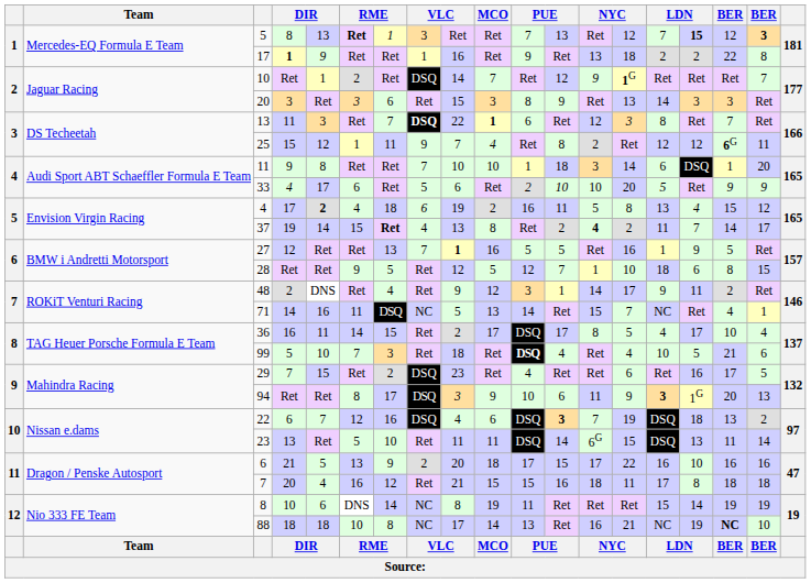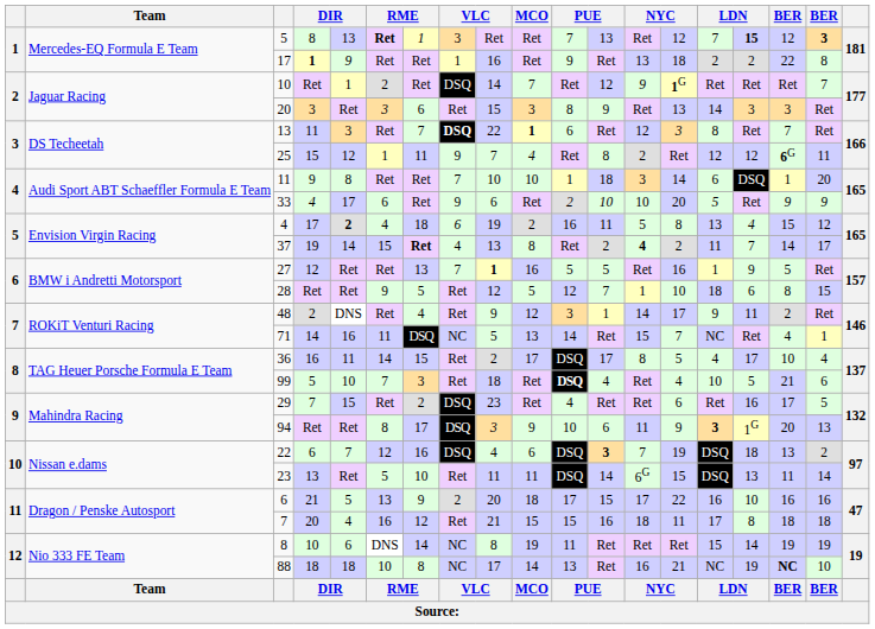 <table class="wikitable" style="font-size: 85%; text-align: center;">
 <tr valign="top">
 <th valign="middle"></th>
 <th valign="middle">Team</th>
 <th valign="middle"></th>
 <th scope="col" colspan=2><a href='#'>DIR</a><br></th>
 <th scope="col" colspan=2><a href='#'>RME</a><br></th>
 <th scope="col" colspan=2><a href='#'>VLC</a><br></th>
 <th scope="col"><a href='#'>MCO</a><br></th>
 <th scope="col" colspan=2><a href='#'>PUE</a><br></th>
 <th scope="col" colspan=2><a href='#'>NYC</a><br></th>
 <th scope="col" colspan=2><a href='#'>LDN</a><br></th>
 <th scope="col"><a href='#'>BER</a><br> </th>
 <th scope="col"><a href='#'>BER</a><br> </th>
 <th valign="middle"></th>
 </tr>
 <tr>
 <th rowspan="2">1</th>
 <td rowspan="2" align="left"> <a href='#'>Mercedes-EQ Formula E Team</a></td>
 <td>5</td>
 <td width="30px" bgcolor="#DFFFDF">8</td>
 <td width="30px" bgcolor="#CFCFFF">13</td>
 <td width="30px" bgcolor="#EFCFFF"><strong>Ret</strong></td>
 <td width="30px" bgcolor="#FFFFBF"><em>1</em></td>
 <td width="30px" bgcolor="#FFDF9F">3</td>
 <td width="30px" bgcolor="#EFCFFF">Ret</td>
 <td width="30px" bgcolor="#EFCFFF">Ret</td>
 <td width="30px" bgcolor="#DFFFDF">7</td>
 <td width="30px" bgcolor="#CFCFFF">13</td>
 <td width="30px" bgcolor="#EFCFFF">Ret</td>
 <td width="30px" bgcolor="#CFCFFF">12</td>
 <td width="30px" bgcolor="#DFFFDF">7</td>
 <td width="30px" bgcolor="#CFCFFF"><strong>15</strong></td>
 <td width="30px" bgcolor="#CFCFFF">12</td>
 <td width="30px" bgcolor="#FFDF9F"><strong>3</strong></td>
 <th rowspan="2">181</th>
 </tr>
 <tr>
 <td>17</td>
 <td bgcolor="#FFFFBF"><strong>1</strong></td>
 <td bgcolor="#DFFFDF"><em>9</em></td>
 <td bgcolor="#EFCFFF">Ret</td>
 <td bgcolor="#EFCFFF">Ret</td>
 <td bgcolor="#FFFFBF">1</td>
 <td bgcolor="#CFCFFF">16</td>
 <td bgcolor="#EFCFFF">Ret</td>
 <td bgcolor="#DFFFDF">9</td>
 <td bgcolor="#EFCFFF">Ret</td>
 <td bgcolor="#CFCFFF">13</td>
 <td bgcolor="#CFCFFF">18</td>
 <td bgcolor="#DFDFDF">2</td>
 <td bgcolor="#DFDFDF">2</td>
 <td bgcolor="#CFCFFF">22</td>
 <td bgcolor="#DFFFDF">8</td>
 </tr>
 <tr>
 <th rowspan="2">2</th>
 <td rowspan="2" align="left"> <a href='#'>Jaguar Racing</a></td>
 <td>10</td>
 <td bgcolor="#EFCFFF">Ret</td>
 <td bgcolor="#FFFFBF">1</td>
 <td bgcolor="#DFDFDF">2</td>
 <td bgcolor="#EFCFFF">Ret</td>
 <td style="background:#000000; letter-spacing:0px; color:white">DSQ</td>
 <td bgcolor="#CFCFFF">14</td>
 <td bgcolor="#DFFFDF">7</td>
 <td bgcolor="#EFCFFF">Ret</td>
 <td bgcolor="#CFCFFF">12</td>
 <td bgcolor="#DFFFDF"><em>9</em></td>
 <td bgcolor="#FFFFBF"><strong>1</strong><sup>G</sup></td>
 <td bgcolor="#EFCFFF">Ret</td>
 <td bgcolor="#EFCFFF">Ret</td>
 <td bgcolor="#EFCFFF">Ret</td>
 <td bgcolor="#DFFFDF">7</td>
 <th rowspan=2>177</th>
 </tr>
 <tr>
 <td>20</td>
 <td bgcolor="#FFDF9F">3</td>
 <td bgcolor="#EFCFFF">Ret</td>
 <td bgcolor="#FFDF9F"><em>3</em></td>
 <td bgcolor="#DFFFDF">6</td>
 <td bgcolor="#EFCFFF">Ret</td>
 <td bgcolor="#CFCFFF">15</td>
 <td bgcolor="#FFDF9F">3</td>
 <td bgcolor="#DFFFDF">8</td>
 <td bgcolor="#DFFFDF">9</td>
 <td bgcolor="#EFCFFF">Ret</td>
 <td bgcolor="#CFCFFF">13</td>
 <td bgcolor="#CFCFFF">14</td>
 <td bgcolor="#FFDF9F">3</td>
 <td bgcolor="#FFDF9F">3</td>
 <td bgcolor="#EFCFFF">Ret</td>
 </tr>
 <tr>
 <th rowspan="2">3</th>
 <td rowspan="2" align="left"> <a href='#'>DS Techeetah</a></td>
 <td>13</td>
 <td bgcolor="#CFCFFF">11</td>
 <td bgcolor="#FFDF9F">3</td>
 <td bgcolor="#EFCFFF">Ret</td>
 <td bgcolor="#DFFFDF">7</td>
 <td style="background:#000000; letter-spacing:0px; color:white"><strong>DSQ</strong></td>
 <td bgcolor="#CFCFFF">22</td>
 <td bgcolor="#FFFFBF"><strong>1</strong></td>
 <td bgcolor="#DFFFDF">6</td>
 <td bgcolor="#EFCFFF">Ret</td>
 <td bgcolor="#CFCFFF">12</td>
 <td bgcolor="#FFDF9F"><em>3</em></td>
 <td bgcolor="#DFFFDF">8</td>
 <td bgcolor="#EFCFFF">Ret</td>
 <td bgcolor="#DFFFDF">7</td>
 <td bgcolor="#EFCFFF">Ret</td>
 <th rowspan="2">166</th>
 </tr>
 <tr>
 <td>25</td>
 <td bgcolor="#CFCFFF">15</td>
 <td bgcolor="#CFCFFF">12</td>
 <td bgcolor="#FFFFBF">1</td>
 <td bgcolor="#CFCFFF">11</td>
 <td bgcolor="#DFFFDF">9</td>
 <td bgcolor="#DFFFDF">7</td>
 <td bgcolor="#DFFFDF"><em>4</em></td>
 <td bgcolor="#EFCFFF">Ret</td>
 <td bgcolor="#DFFFDF">8</td>
 <td bgcolor="#DFDFDF">2</td>
 <td bgcolor="#EFCFFF">Ret</td>
 <td bgcolor="#CFCFFF">12</td>
 <td bgcolor="#CFCFFF">12</td>
 <td bgcolor="#DFFFDF"><strong>6</strong><sup>G</sup></td>
 <td bgcolor="#CFCFFF">11</td>
 </tr>
 <tr>
 <th rowspan="2">4</th>
 <td rowspan="2" align="left"> <a href='#'>Audi Sport ABT Schaeffler Formula E Team</a></td>
 <td>11</td>
 <td bgcolor="#DFFFDF">9</td>
 <td bgcolor="#DFFFDF">8</td>
 <td bgcolor="#EFCFFF">Ret</td>
 <td bgcolor="#EFCFFF">Ret</td>
 <td bgcolor="#DFFFDF">7</td>
 <td bgcolor="#DFFFDF">10</td>
 <td bgcolor="#DFFFDF">10</td>
 <td bgcolor="#FFFFBF">1</td>
 <td bgcolor="#CFCFFF">18</td>
 <td bgcolor="#FFDF9F">3</td>
 <td bgcolor="#CFCFFF">14</td>
 <td bgcolor="#DFFFDF">6</td>
 <td style="background:#000000; letter-spacing:0px; color:white">DSQ</td>
 <td bgcolor="#FFFFBF">1</td>
 <td bgcolor="#CFCFFF">20</td>
 <th rowspan="2">165</th>
 </tr>
 <tr>
 <td>33</td>
 <td bgcolor="#DFFFDF"><em>4</em></td>
 <td bgcolor="#CFCFFF">17</td>
 <td bgcolor="#DFFFDF">6</td>
 <td bgcolor="#EFCFFF">Ret</td>
-<td bgcolor="#DFFFDF">5</td>
+<td bgcolor="#DFFFDF">9</td>
 <td bgcolor="#DFFFDF">6</td>
 <td bgcolor="#EFCFFF">Ret</td>
 <td bgcolor="#DFDFDF"><em>2</em></td>
 <td bgcolor="#DFFFDF"><em>10</em></td>
 <td bgcolor="#DFFFDF">10</td>
 <td bgcolor="#CFCFFF">20</td>
 <td bgcolor="#DFFFDF"><em>5</em></td>
 <td bgcolor="#EFCFFF">Ret</td>
 <td bgcolor="#DFFFDF"><em>9</em></td>
 <td bgcolor="#DFFFDF"><em>9</em></td>
 </tr>
 <tr>
 <th rowspan="2">5</th>
 <td rowspan="2" align="left"> <a href='#'>Envision Virgin Racing</a></td>
 <td>4</td>
 <td bgcolor="#CFCFFF">17</td>
 <td bgcolor="#DFDFDF"><strong>2</strong></td>
 <td bgcolor="#DFFFDF">4</td>
 <td bgcolor="#CFCFFF">18</td>
 <td bgcolor="#DFFFDF"><em>6</em></td>
 <td bgcolor="#CFCFFF">19</td>
 <td bgcolor="#DFDFDF">2</td>
 <td bgcolor="#CFCFFF">16</td>
 <td bgcolor="#CFCFFF">11</td>
 <td bgcolor="#DFFFDF">5</td>
 <td bgcolor="#DFFFDF">8</td>
 <td bgcolor="#CFCFFF">13</td>
 <td bgcolor="#DFFFDF"><em>4</em></td>
 <td bgcolor="#CFCFFF">15</td>
 <td bgcolor="#CFCFFF">12</td>
 <th rowspan="2">165</th>
 </tr>
 <tr>
 <td>37</td>
 <td bgcolor="#CFCFFF">19</td>
 <td bgcolor="#CFCFFF">14</td>
 <td bgcolor="#CFCFFF">15</td>
 <td bgcolor="#EFCFFF"><strong>Ret</strong></td>
 <td bgcolor="#DFFFDF">4</td>
 <td bgcolor="#CFCFFF">13</td>
 <td bgcolor="#DFFFDF">8</td>
 <td bgcolor="#EFCFFF">Ret</td>
 <td bgcolor="#DFDFDF">2</td>
 <td bgcolor="#DFFFDF"><strong>4</strong></td>
 <td bgcolor="#DFDFDF">2</td>
 <td bgcolor="#CFCFFF">11</td>
 <td bgcolor="#DFFFDF">7</td>
 <td bgcolor="#CFCFFF">14</td>
 <td bgcolor="#CFCFFF">17</td>
 </tr>
 <tr>
 <th rowspan="2">6</th>
 <td rowspan="2" align="left"> <a href='#'>BMW i Andretti Motorsport</a></td>
 <td>27</td>
 <td bgcolor="#CFCFFF">12</td>
 <td bgcolor="#EFCFFF">Ret</td>
 <td bgcolor="#EFCFFF">Ret</td>
 <td bgcolor="#CFCFFF">13</td>
 <td bgcolor="#DFFFDF">7</td>
 <td bgcolor="#FFFFBF"><strong>1</strong></td>
 <td bgcolor="#CFCFFF">16</td>
 <td bgcolor="#DFFFDF">5</td>
 <td bgcolor="#DFFFDF">5</td>
 <td bgcolor="#EFCFFF">Ret</td>
 <td bgcolor="#CFCFFF">16</td>
 <td bgcolor="#FFFFBF">1</td>
 <td bgcolor="#DFFFDF">9</td>
 <td bgcolor="#DFFFDF">5</td>
 <td bgcolor="#EFCFFF">Ret</td>
 <th rowspan=2>157</th>
 </tr>
 <tr>
 <td>28</td>
 <td bgcolor="#EFCFFF">Ret</td>
 <td bgcolor="#EFCFFF">Ret</td>
 <td bgcolor="#DFFFDF">9</td>
 <td bgcolor="#DFFFDF">5</td>
 <td bgcolor="#EFCFFF">Ret</td>
 <td bgcolor="#CFCFFF">12</td>
 <td bgcolor="#DFFFDF">5</td>
 <td bgcolor="#CFCFFF">12</td>
 <td bgcolor="#DFFFDF">7</td>
 <td bgcolor="#FFFFBF">1</td>
 <td bgcolor="#DFFFDF">10</td>
 <td bgcolor="#CFCFFF">18</td>
 <td bgcolor="#DFFFDF">6</td>
 <td bgcolor="#DFFFDF">8</td>
 <td bgcolor="#CFCFFF">15</td>
 </tr>
 <tr>
 <th rowspan="2">7</th>
 <td rowspan="2" align="left"> <a href='#'>ROKiT Venturi Racing</a></td>
 <td>48</td>
 <td bgcolor="#DFDFDF">2</td>
 <td bgcolor="#FFFFFF">DNS</td>
 <td bgcolor="#EFCFFF">Ret</td>
 <td bgcolor="#DFFFDF">4</td>
 <td bgcolor="#EFCFFF">Ret</td>
 <td bgcolor="#DFFFDF">9</td>
 <td bgcolor="#CFCFFF">12</td>
 <td bgcolor="#FFDF9F">3</td>
 <td bgcolor="#FFFFBF">1</td>
 <td bgcolor="#CFCFFF">14</td>
 <td bgcolor="#CFCFFF">17</td>
 <td bgcolor="#DFFFDF">9</td>
 <td bgcolor="#CFCFFF">11</td>
 <td bgcolor="#DFDFDF">2</td>
 <td bgcolor="#EFCFFF">Ret</td>
 <th rowspan="2">146</th>
 </tr>
 <tr>
 <td>71</td>
 <td bgcolor="#CFCFFF">14</td>
 <td bgcolor="#CFCFFF">16</td>
 <td bgcolor="#CFCFFF">11</td>
 <td style="background:#000000; letter-spacing:-1px; color:white">DSQ</td>
 <td bgcolor="#CFCFFF">NC</td>
 <td bgcolor="#DFFFDF">5</td>
 <td bgcolor="#CFCFFF">13</td>
 <td bgcolor="#CFCFFF">14</td>
 <td bgcolor="#EFCFFF">Ret</td>
 <td bgcolor="#CFCFFF">15</td>
 <td bgcolor="#DFFFDF">7</td>
 <td bgcolor="#CFCFFF">NC</td>
 <td bgcolor="#EFCFFF">Ret</td>
 <td bgcolor="#DFFFDF">4</td>
 <td bgcolor="#FFFFBF">1</td>
 </tr>
 <tr>
 <th rowspan="2">8</th>
 <td rowspan="2" align="left"> <a href='#'>TAG Heuer Porsche Formula E Team</a></td>
 <td>36</td>
 <td bgcolor="#CFCFFF">16</td>
 <td bgcolor="#CFCFFF">11</td>
 <td bgcolor="#CFCFFF">14</td>
 <td bgcolor="#CFCFFF">15</td>
 <td bgcolor="#EFCFFF">Ret</td>
 <td bgcolor="#DFDFDF">2</td>
 <td bgcolor="#CFCFFF">17</td>
 <td style="background:#000000; letter-spacing:0px; color:white">DSQ</td>
 <td bgcolor="#CFCFFF">17</td>
 <td bgcolor="#DFFFDF">8</td>
 <td bgcolor="#DFFFDF">5</td>
 <td bgcolor="#DFFFDF">4</td>
 <td bgcolor="#CFCFFF">17</td>
 <td bgcolor="#DFFFDF">10</td>
 <td bgcolor="#DFFFDF">4</td>
 <th rowspan="2">137</th>
 </tr>
 <tr>
 <td>99</td>
 <td bgcolor="#DFFFDF">5</td>
 <td bgcolor="#DFFFDF">10</td>
 <td bgcolor="#DFFFDF">7</td>
 <td bgcolor="#FFDF9F">3</td>
 <td bgcolor="#EFCFFF">Ret</td>
 <td bgcolor="#CFCFFF">18</td>
 <td bgcolor="#EFCFFF">Ret</td>
 <td style="background:#000000; letter-spacing:-1px; color:white"><strong>DSQ</strong></td>
 <td bgcolor="#DFFFDF">4</td>
 <td bgcolor="#EFCFFF">Ret</td>
 <td bgcolor="#DFFFDF">4</td>
 <td bgcolor="#DFFFDF">10</td>
 <td bgcolor="#DFFFDF">5</td>
 <td bgcolor="#CFCFFF">21</td>
 <td bgcolor="#DFFFDF">6</td>
 </tr>
 <tr>
 <th rowspan="2">9</th>
 <td rowspan="2" align=left> <a href='#'>Mahindra Racing</a></td>
 <td>29</td>
 <td bgcolor="#DFFFDF">7</td>
 <td bgcolor="#CFCFFF">15</td>
 <td bgcolor="#EFCFFF">Ret</td>
 <td bgcolor="#DFDFDF">2</td>
 <td style="background:#000000; letter-spacing:0px; color:white">DSQ</td>
 <td bgcolor="#CFCFFF">23</td>
 <td bgcolor="#EFCFFF">Ret</td>
 <td bgcolor="#DFFFDF">4</td>
 <td bgcolor="#EFCFFF">Ret</td>
 <td bgcolor="#EFCFFF">Ret</td>
 <td bgcolor="#DFFFDF">6</td>
 <td bgcolor="#EFCFFF">Ret</td>
 <td bgcolor="#CFCFFF">16</td>
 <td bgcolor="#CFCFFF">17</td>
 <td bgcolor="#DFFFDF">5</td>
 <th rowspan="2">132</th>
 </tr>
 <tr>
 <td>94</td>
 <td bgcolor="#EFCFFF">Ret</td>
 <td bgcolor="#EFCFFF">Ret</td>
 <td bgcolor="#DFFFDF">8</td>
 <td bgcolor="#CFCFFF">17</td>
 <td style="background:#000000; letter-spacing:-1px; color:white">DSQ</td>
 <td bgcolor="#FFDF9F"><em>3</em></td>
 <td bgcolor="#DFFFDF">9</td>
 <td bgcolor="#DFFFDF">10</td>
 <td bgcolor="#DFFFDF">6</td>
 <td bgcolor="#CFCFFF">11</td>
 <td bgcolor="#DFFFDF">9</td>
 <td bgcolor="#FFDF9F"><strong>3</strong></td>
 <td bgcolor="#FFFFBF">1<sup>G</sup></td>
 <td bgcolor="#CFCFFF">20</td>
 <td bgcolor="#CFCFFF">13</td>
 </tr>
 <tr>
 <th rowspan="2">10</th>
 <td rowspan="2" align=left> <a href='#'>Nissan e.dams</a></td>
 <td>22</td>
 <td bgcolor="#DFFFDF">6</td>
 <td bgcolor="#DFFFDF">7</td>
 <td bgcolor="#CFCFFF">12</td>
 <td bgcolor="#CFCFFF">16</td>
 <td style="background:#000000; letter-spacing:0px; color:white">DSQ</td>
 <td bgcolor="#DFFFDF">4</td>
 <td bgcolor="#DFFFDF">6</td>
 <td style="background:#000000; letter-spacing:0px; color:white">DSQ</td>
 <td bgcolor="#FFDF9F"><strong>3</strong></td>
 <td bgcolor="#DFFFDF">7</td>
 <td bgcolor="#CFCFFF">19</td>
 <td style="background:#000000; letter-spacing:0px; color:white">DSQ</td>
 <td bgcolor="#CFCFFF">18</td>
 <td bgcolor="#CFCFFF">13</td>
 <td bgcolor="#DFDFDF">2</td>
 <th rowspan="2">97</th>
 </tr>
 <tr>
 <td>23</td>
 <td bgcolor="#CFCFFF">13</td>
 <td bgcolor="#EFCFFF">Ret</td>
 <td bgcolor="#DFFFDF">5</td>
 <td bgcolor="#DFFFDF">10</td>
 <td bgcolor="#EFCFFF">Ret</td>
 <td bgcolor="#CFCFFF">11</td>
 <td bgcolor="#CFCFFF">11</td>
 <td style="background:#000000; letter-spacing:0px; color:white">DSQ</td>
 <td bgcolor="#CFCFFF">14</td>
 <td bgcolor="#DFFFDF">6<sup>G</sup></td>
 <td bgcolor="#CFCFFF">15</td>
 <td style="background:#000000; letter-spacing:0px; color:white">DSQ</td>
 <td bgcolor="#CFCFFF">13</td>
 <td bgcolor="#CFCFFF">11</td>
 <td bgcolor="#CFCFFF">14</td>
 </tr>
 <tr>
 <th rowspan="2">11</th>
 <td rowspan="2" align="left"> <a href='#'>Dragon / Penske Autosport</a></td>
 <td>6</td>
 <td bgcolor="#CFCFFF">21</td>
 <td bgcolor="#DFFFDF">5</td>
 <td bgcolor="#CFCFFF">13</td>
 <td bgcolor="#DFFFDF">9</td>
 <td bgcolor="#DFDFDF">2</td>
 <td bgcolor="#CFCFFF">20</td>
 <td bgcolor="#CFCFFF">18</td>
 <td bgcolor="#CFCFFF">17</td>
 <td bgcolor="#CFCFFF">15</td>
 <td bgcolor="#CFCFFF">17</td>
 <td bgcolor="#CFCFFF">22</td>
 <td bgcolor="#CFCFFF">16</td>
 <td bgcolor="#DFFFDF">10</td>
 <td bgcolor="#CFCFFF">16</td>
 <td bgcolor="#CFCFFF">16</td>
 <th rowspan="2">47</th>
 </tr>
 <tr>
 <td>7</td>
 <td bgcolor="#CFCFFF">20</td>
 <td bgcolor="#DFFFDF">4</td>
 <td bgcolor="#CFCFFF">16</td>
 <td bgcolor="#CFCFFF">12</td>
 <td bgcolor="#EFCFFF">Ret</td>
 <td bgcolor="#CFCFFF">21</td>
 <td bgcolor="#CFCFFF">15</td>
 <td bgcolor="#CFCFFF">15</td>
 <td bgcolor="#CFCFFF">16</td>
 <td bgcolor="#CFCFFF">18</td>
 <td bgcolor="#CFCFFF">11</td>
 <td bgcolor="#CFCFFF">17</td>
 <td bgcolor="#DFFFDF">8</td>
 <td bgcolor="#CFCFFF">18</td>
 <td bgcolor="#CFCFFF">18</td>
 </tr>
 <tr>
 <th rowspan="2">12</th>
 <td rowspan="2" align="left"> <a href='#'>Nio 333 FE Team</a></td>
 <td>8</td>
 <td bgcolor="#DFFFDF">10</td>
 <td bgcolor="#DFFFDF">6</td>
 <td bgcolor="#FFFFFF">DNS</td>
 <td bgcolor="#CFCFFF">14</td>
 <td bgcolor="#CFCFFF">NC</td>
 <td bgcolor="#DFFFDF">8</td>
 <td bgcolor="#CFCFFF">19</td>
 <td bgcolor="#CFCFFF">11</td>
 <td bgcolor="#EFCFFF">Ret</td>
 <td bgcolor="#EFCFFF">Ret</td>
 <td bgcolor="#EFCFFF">Ret</td>
 <td bgcolor="#CFCFFF">15</td>
 <td bgcolor="#CFCFFF">14</td>
 <td bgcolor="#CFCFFF">19</td>
 <td bgcolor="#CFCFFF">19</td>
 <th rowspan="2">19</th>
 </tr>
 <tr>
 <td>88</td>
 <td bgcolor="#CFCFFF">18</td>
 <td bgcolor="#CFCFFF">18</td>
 <td bgcolor="#DFFFDF">10</td>
 <td bgcolor="#DFFFDF">8</td>
 <td bgcolor="#CFCFFF">NC</td>
 <td bgcolor="#CFCFFF">17</td>
 <td bgcolor="#CFCFFF">14</td>
 <td bgcolor="#CFCFFF">13</td>
 <td bgcolor="#EFCFFF">Ret</td>
 <td bgcolor="#CFCFFF">16</td>
 <td bgcolor="#CFCFFF">21</td>
 <td bgcolor="#CFCFFF">NC</td>
 <td bgcolor="#CFCFFF">19</td>
 <td bgcolor="#CFCFFF"><strong>NC</strong></td>
 <td bgcolor="#DFFFDF">10</td>
 </tr>
 <tr valign="bottom">
 <th valign="middle"></th>
 <th valign="middle">Team</th>
 <th valign="middle"></th>
 <th scope="col" colspan=2><a href='#'>DIR</a><br></th>
 <th scope="col" colspan=2><a href='#'>RME</a><br></th>
 <th scope="col" colspan=2><a href='#'>VLC</a><br></th>
 <th scope="col"><a href='#'>MCO</a><br></th>
 <th scope="col" colspan=2><a href='#'>PUE</a><br></th>
 <th scope="col" colspan=2><a href='#'>NYC</a><br></th>
 <th scope="col" colspan=2><a href='#'>LDN</a><br></th>
 <th scope="col"><a href='#'>BER</a><br> </th>
 <th scope="col"><a href='#'>BER</a><br> </th>
 <th valign="middle"></th>
 </tr>
 <tr>
 <th colspan="19">Source:</th>
 </tr>
 </table>
